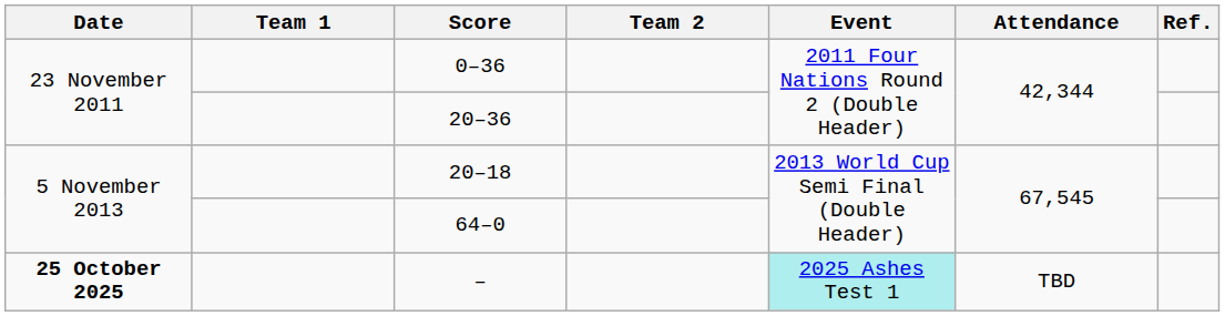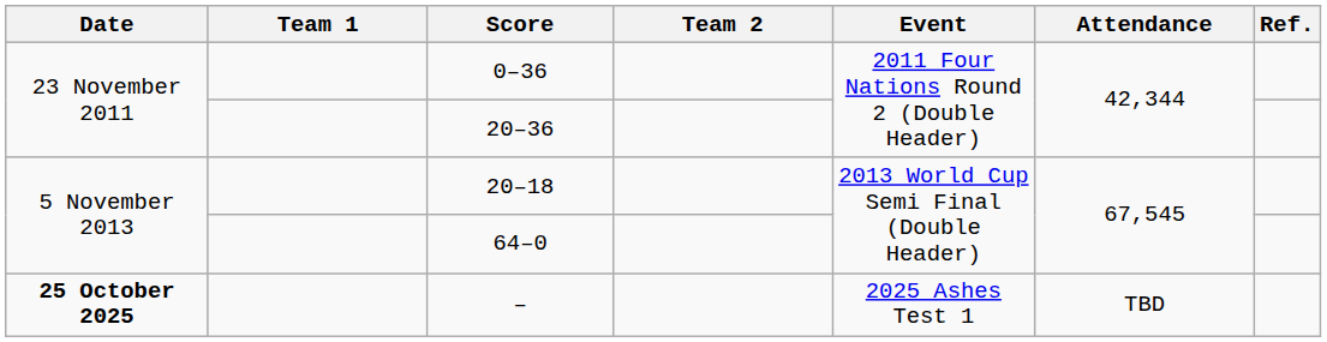 <table class="wikitable" style="text-align:center">
 <tr>
 <th style="width:110px;">Date</th>
 <th style="width:120px;">Team 1</th>
 <th style="width:100px;">Score</th>
 <th style="width:120px;">Team 2</th>
 <th style="width:110px;">Event</th>
 <th style="width:120px;">Attendance</th>
 <th>Ref.</th>
 </tr>
 <tr>
 <td rowspan="2">23 November 2011</td>
 <td></td>
 <td>0–36</td>
 <td></td>
 <td rowspan="2"><a href='#'>2011 Four Nations</a> Round 2 (Double Header)</td>
 <td style="text-align:center;" rowspan="2">42,344</td>
 <td></td>
 </tr>
 <tr>
 <td></td>
 <td>20–36</td>
 <td></td>
 <td></td>
 </tr>
 <tr>
 <td rowspan="2">5 November 2013</td>
 <td></td>
 <td>20–18</td>
 <td></td>
 <td rowspan="2"><a href='#'>2013 World Cup</a> Semi Final (Double Header)</td>
 <td style="text-align:center;" rowspan="2">67,545</td>
 <td></td>
 </tr>
 <tr>
 <td></td>
 <td>64–0</td>
 <td></td>
 <td></td>
 </tr>
 <tr>
 <td><strong>25 October 2025</strong></td>
 <td></td>
 <td>–</td>
 <td></td>
-<td style="background: paleturquoise;"><a href='#'>2025 Ashes</a> Test 1</td>
+<td><a href='#'>2025 Ashes</a> Test 1</td>
 <td style="text-align:center;" rowspan="2">TBD</td>
 <td></td>
 </tr>
 </table>
